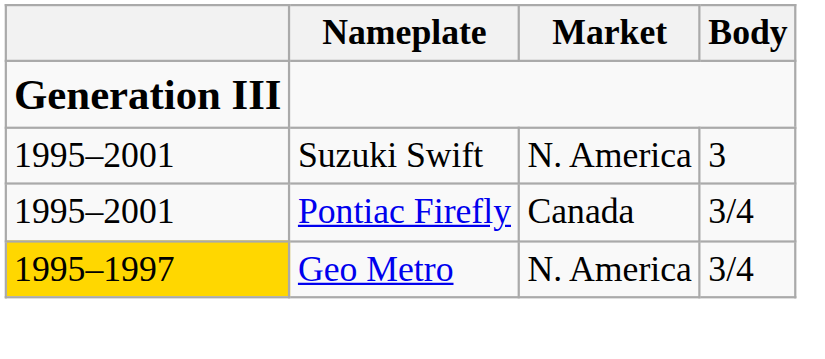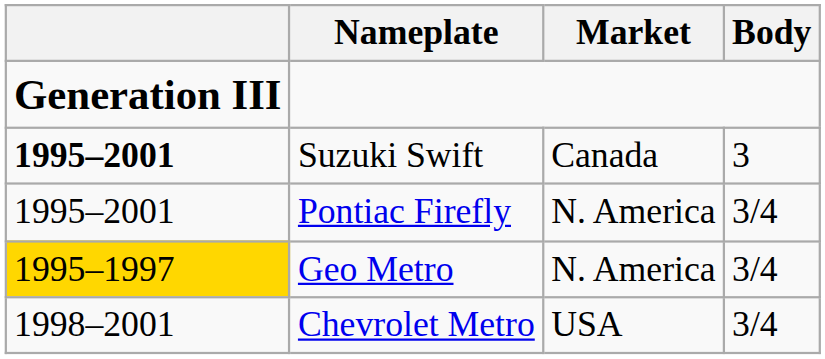 <table class="wikitable" style="right; margin-left: 4em; margin-right:">
 <tr>
 <th></th>
 <th>Nameplate</th>
 <th>Market</th>
 <th>Body</th>
 </tr>
 <tr>
 <td><big><strong>Generation III</strong></big></td>
 </tr>
 <tr>
-<td>1995–2001</td>
+<td><strong>1995–2001</strong></td>
 <td>Suzuki Swift</td>
-<td>N. America</td>
+<td>Canada</td>
 <td>3</td>
 </tr>
 <tr>
 <td>1995–2001</td>
 <td><a href='#'>Pontiac Firefly</a></td>
-<td>Canada</td>
+<td>N. America</td>
 <td>3/4</td>
 </tr>
 <tr>
 <td style="background: gold;">1995–1997</td>
 <td><a href='#'>Geo Metro</a></td>
 <td>N. America</td>
 <td>3/4</td>
 </tr>
+<tr>
+<td>1998–2001</td>
+<td><a href='#'>Chevrolet Metro</a></td>
+<td>USA</td>
+<td>3/4</td>
+</tr>
 </table>
